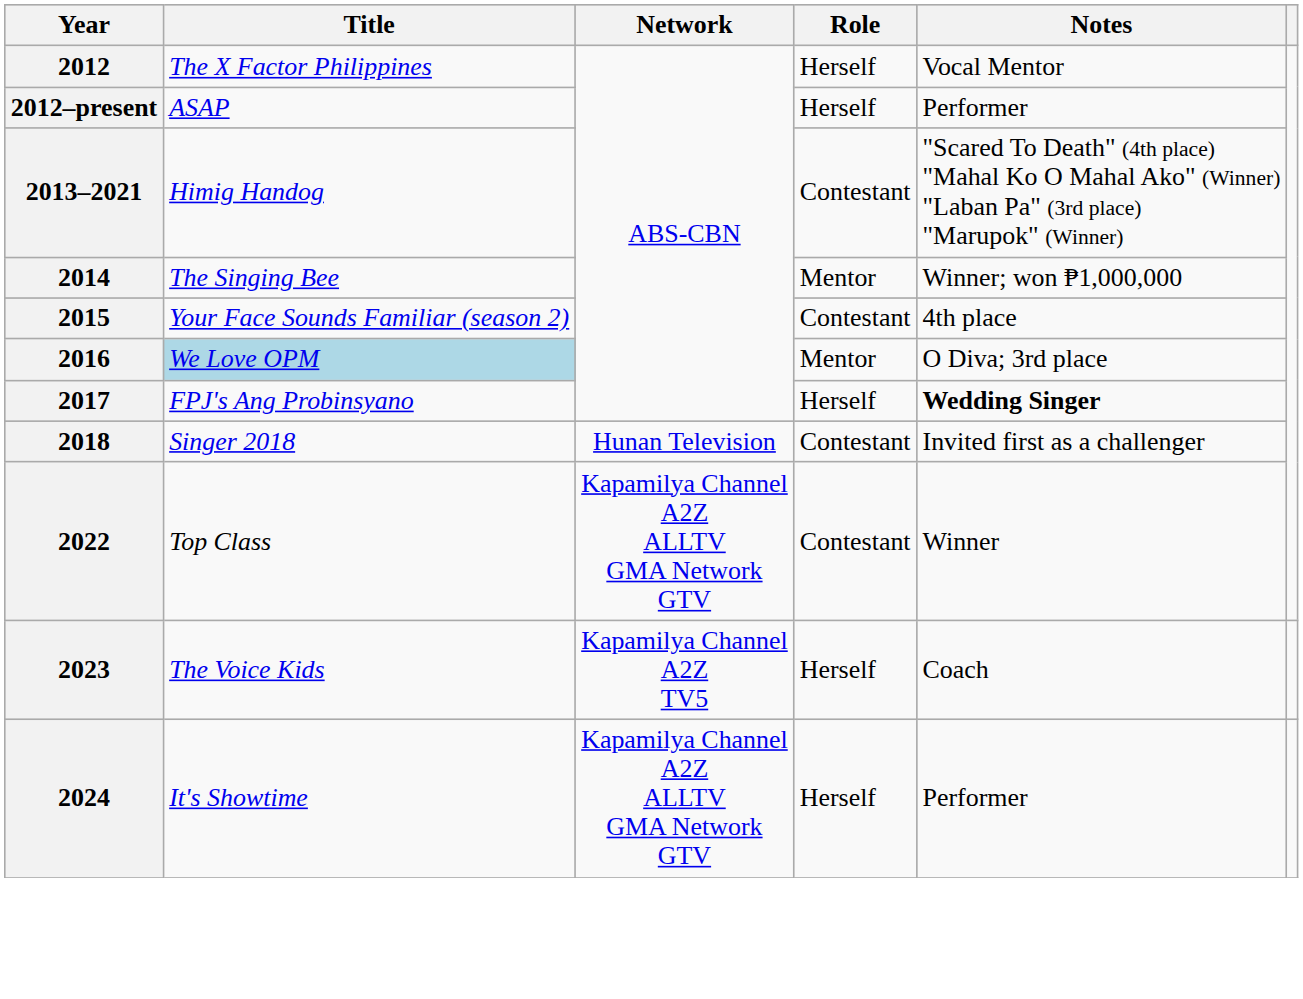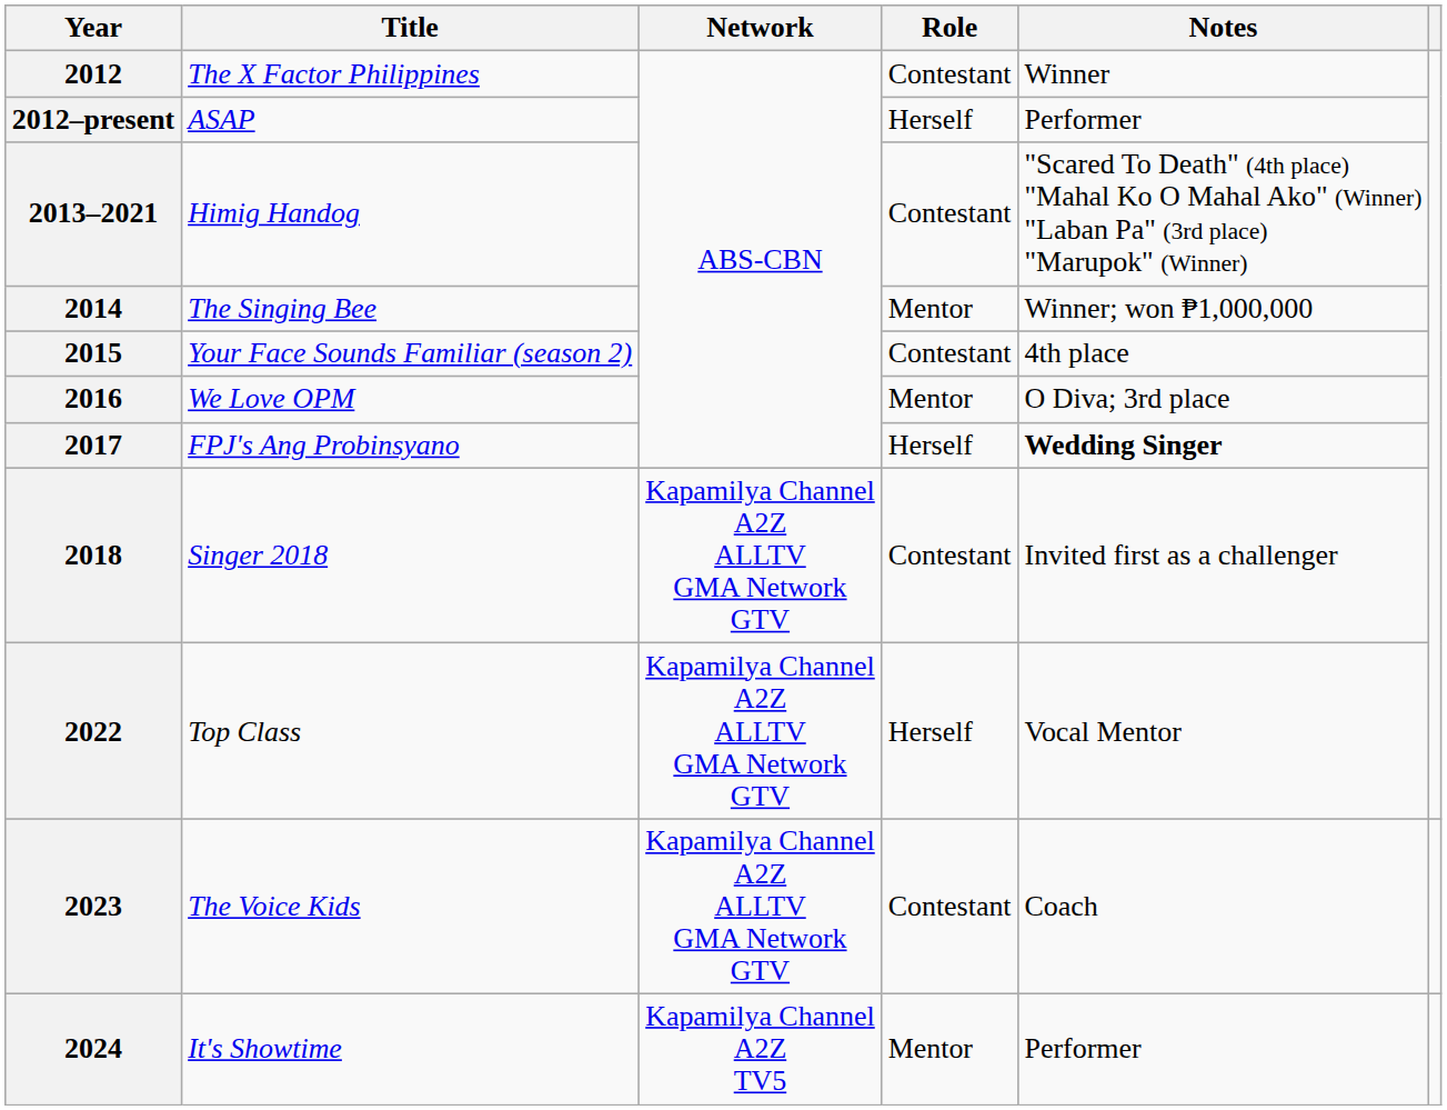 <table class="wikitable plainrowheaders sortable" style="margin-right: 0;">
 <tr>
 <th scope="col">Year</th>
 <th scope="col">Title</th>
 <th scope="col">Network</th>
 <th scope="col">Role</th>
 <th scope="col" class="unsortable">Notes</th>
 <th scope="col"></th>
 </tr>
 <tr>
 <th scope="row">2012</th>
 <td><em><a href='#'>The X Factor Philippines</a></em></td>
 <td rowspan="7" style="text-align:center;"><a href='#'>ABS-CBN</a></td>
-<td>Herself</td>
-<td>Vocal Mentor</td>
+<td>Contestant</td>
+<td>Winner</td>
 </tr>
 <tr>
 <th scope="row">2012–present</th>
 <td><em><a href='#'>ASAP</a></em></td>
 <td>Herself</td>
 <td>Performer</td>
 </tr>
 <tr>
 <th scope="row">2013–2021</th>
 <td><em><a href='#'>Himig Handog</a></em></td>
 <td>Contestant</td>
 <td>"Scared To Death" <small>(4th place)</small><br>"Mahal Ko O Mahal Ako" <small>(Winner)</small><br>"Laban Pa" <small>(3rd place)</small><br>"Marupok" <small>(Winner)</small></td>
 </tr>
 <tr>
 <th scope="row">2014</th>
 <td><em><a href='#'>The Singing Bee</a></em></td>
 <td>Mentor</td>
 <td>Winner; won ₱1,000,000</td>
 </tr>
 <tr>
 <th scope="row">2015</th>
 <td><em><a href='#'>Your Face Sounds Familiar (season 2)</a></em></td>
 <td>Contestant</td>
 <td>4th place</td>
 </tr>
 <tr>
 <th scope="row">2016</th>
-<td style="background: lightblue;"><em><a href='#'>We Love OPM</a></em></td>
+<td><em><a href='#'>We Love OPM</a></em></td>
 <td>Mentor</td>
 <td>O Diva; 3rd place</td>
 </tr>
 <tr>
 <th scope="row">2017</th>
 <td><em><a href='#'>FPJ's Ang Probinsyano</a></em></td>
 <td>Herself</td>
 <td><strong>Wedding Singer</strong></td>
 </tr>
 <tr>
 <th scope="row">2018</th>
 <td><em><a href='#'>Singer 2018</a></em></td>
-<td style="text-align:center;"><a href='#'>Hunan Television</a></td>
+<td style="text-align:center;"><a href='#'>Kapamilya Channel</a><br><a href='#'>A2Z</a><br><a href='#'>ALLTV</a><br><a href='#'>GMA Network</a><br><a href='#'>GTV</a></td>
 <td>Contestant</td>
 <td>Invited first as a challenger</td>
 </tr>
 <tr>
 <th scope="row">2022</th>
 <td><em>Top Class</em></td>
 <td style="text-align:center;"><a href='#'>Kapamilya Channel</a><br><a href='#'>A2Z</a><br><a href='#'>ALLTV</a><br><a href='#'>GMA Network</a><br><a href='#'>GTV</a></td>
-<td>Contestant</td>
-<td>Winner</td>
+<td>Herself</td>
+<td>Vocal Mentor</td>
 </tr>
 <tr>
 <th scope="row">2023</th>
 <td><em><a href='#'>The Voice Kids</a></em></td>
-<td style="text-align:center;"><a href='#'>Kapamilya Channel</a><br><a href='#'>A2Z</a><br><a href='#'>TV5</a></td>
-<td>Herself</td>
+<td style="text-align:center;"><a href='#'>Kapamilya Channel</a><br><a href='#'>A2Z</a><br><a href='#'>ALLTV</a><br><a href='#'>GMA Network</a><br><a href='#'>GTV</a></td>
+<td>Contestant</td>
 <td>Coach</td>
 <td></td>
 </tr>
 <tr>
 <th scope="row">2024</th>
 <td><em><a href='#'>It's Showtime</a></em></td>
-<td style="text-align:center;"><a href='#'>Kapamilya Channel</a><br><a href='#'>A2Z</a><br><a href='#'>ALLTV</a><br><a href='#'>GMA Network</a><br><a href='#'>GTV</a></td>
-<td>Herself</td>
+<td style="text-align:center;"><a href='#'>Kapamilya Channel</a><br><a href='#'>A2Z</a><br><a href='#'>TV5</a></td>
+<td>Mentor</td>
 <td>Performer</td>
 </tr>
 </table>
